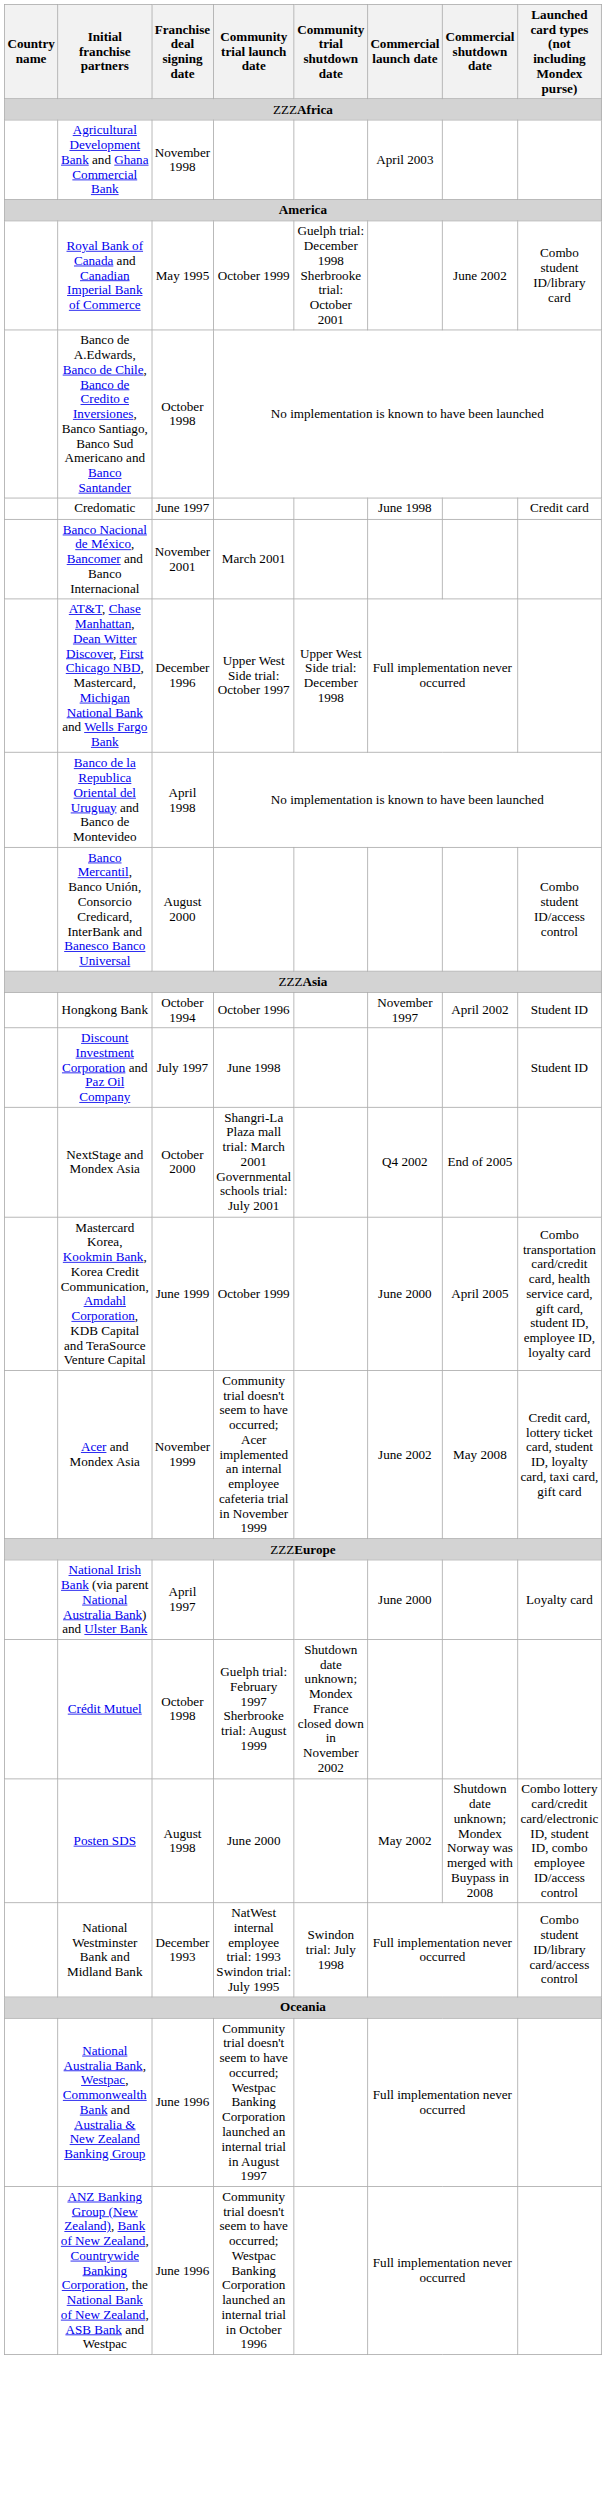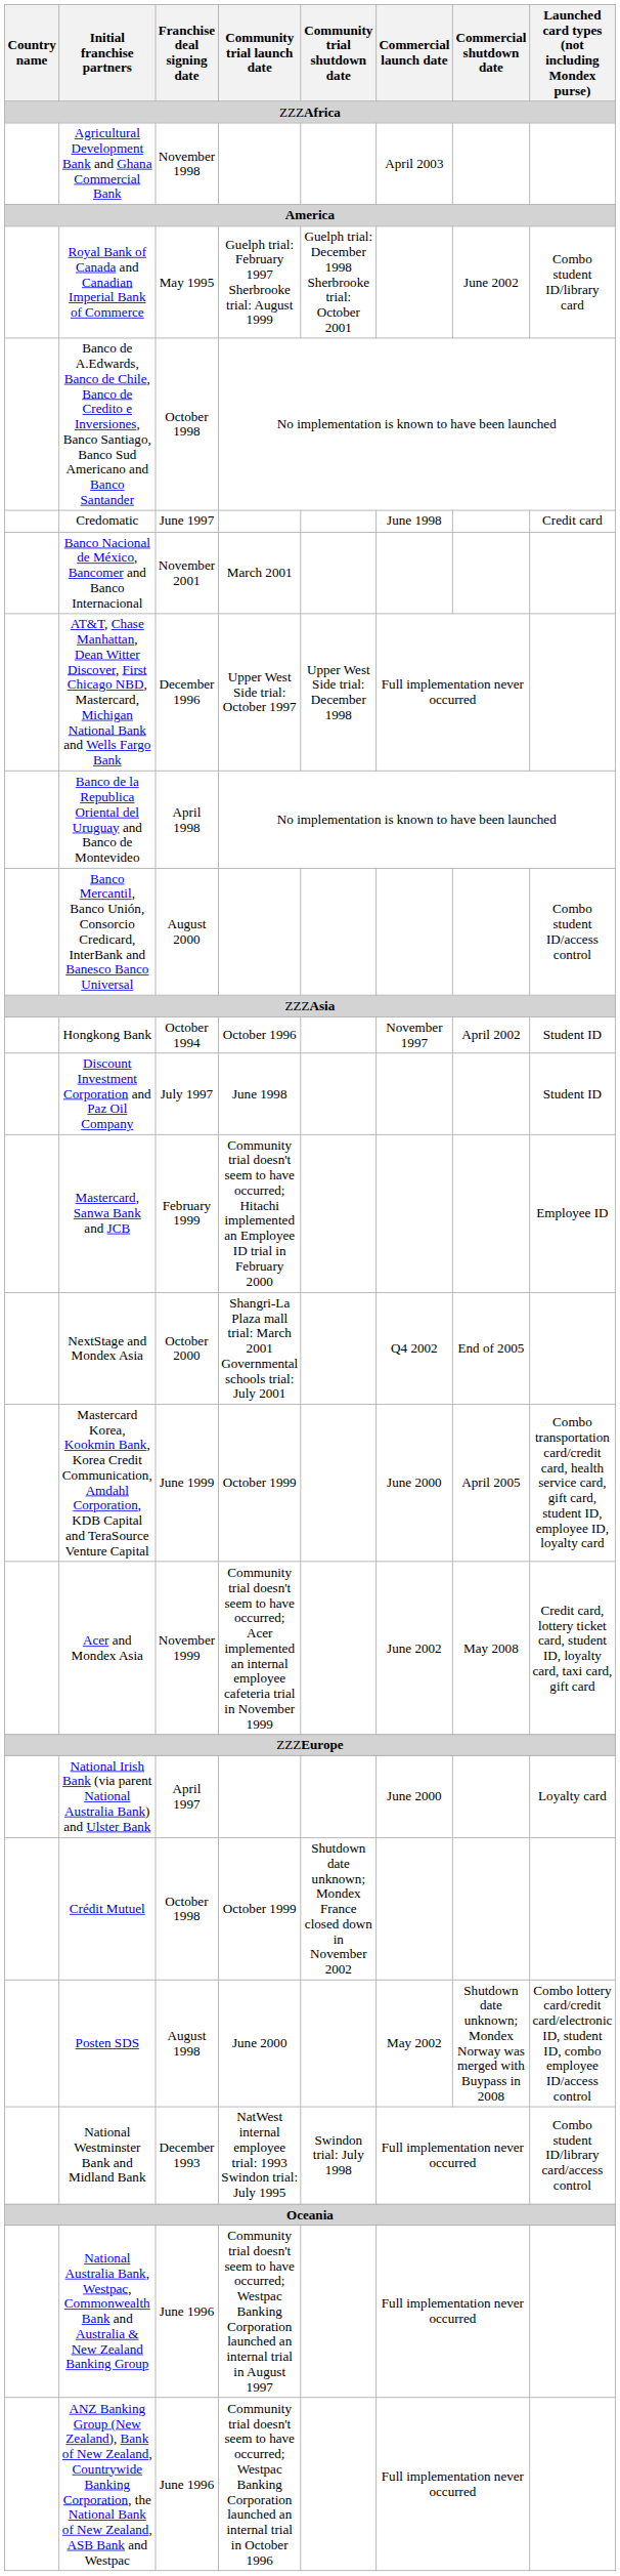 <table class="wikitable mw-collapsible" style="background:white; text-align:center;">
 <tr>
 <th width="325pt">Country name</th>
 <th>Initial franchise partners</th>
 <th>Franchise deal signing date</th>
 <th width="130pt">Community trial launch date</th>
 <th width="130pt">Community trial shutdown date</th>
 <th>Commercial launch date</th>
 <th>Commercial shutdown date</th>
 <th width="130pt">Launched card types (not including Mondex purse)</th>
 </tr>
 <tr style="background:Lightgrey;">
 <td colspan="8"><span>ZZZ</span><strong>Africa</strong></td>
 </tr>
 <tr>
 <td></td>
 <td><a href='#'>Agricultural Development Bank</a> and <a href='#'>Ghana Commercial Bank</a></td>
 <td>November 1998</td>
 <td></td>
 <td></td>
 <td>April 2003</td>
 <td></td>
 <td></td>
 </tr>
 <tr style="background:Lightgrey;">
 <td colspan="8"><strong>America</strong></td>
 </tr>
 <tr>
 <td></td>
 <td><a href='#'>Royal Bank of Canada</a> and <a href='#'>Canadian Imperial Bank of Commerce</a></td>
 <td>May 1995</td>
-<td>October 1999</td>
+<td>Guelph trial: February 1997<br>Sherbrooke trial: August 1999</td>
 <td>Guelph trial: December 1998<br>Sherbrooke trial: October 2001</td>
 <td></td>
 <td>June 2002</td>
 <td>Combo student ID/library card</td>
 </tr>
 <tr>
 <td></td>
 <td>Banco de A.Edwards, <a href='#'>Banco de Chile</a>, <a href='#'>Banco de Credito e Inversiones</a>, Banco Santiago, Banco Sud Americano and <a href='#'>Banco Santander</a></td>
 <td>October 1998</td>
 <td colspan="5">No implementation is known to have been launched</td>
 </tr>
 <tr>
 <td></td>
 <td>Credomatic</td>
 <td>June 1997</td>
 <td></td>
 <td></td>
 <td>June 1998</td>
 <td></td>
 <td>Credit card</td>
 </tr>
 <tr>
 <td></td>
 <td><a href='#'>Banco Nacional de México</a>, <a href='#'>Bancomer</a> and Banco Internacional</td>
 <td>November 2001</td>
 <td>March 2001</td>
 <td></td>
 <td></td>
 <td></td>
 <td></td>
 </tr>
 <tr>
 <td></td>
 <td><a href='#'>AT&T</a>, <a href='#'>Chase Manhattan</a>, <a href='#'>Dean Witter Discover</a>, <a href='#'>First Chicago NBD</a>, Mastercard, <a href='#'>Michigan National Bank</a> and <a href='#'>Wells Fargo Bank</a></td>
 <td>December 1996</td>
 <td>Upper West Side trial:<br>October 1997</td>
 <td>Upper West Side trial:<br>December 1998</td>
 <td colspan="2">Full implementation never occurred</td>
 <td></td>
 </tr>
 <tr>
 <td></td>
 <td><a href='#'>Banco de la Republica Oriental del Uruguay</a> and Banco de Montevideo</td>
 <td>April 1998</td>
 <td colspan="5">No implementation is known to have been launched</td>
 </tr>
 <tr>
 <td></td>
 <td><a href='#'>Banco Mercantil</a>, Banco Unión, Consorcio Credicard, InterBank and <a href='#'>Banesco Banco Universal</a></td>
 <td>August 2000</td>
 <td></td>
 <td></td>
 <td></td>
 <td></td>
 <td>Combo student ID/access control</td>
 </tr>
 <tr style="background:Lightgrey;">
 <td colspan="8"><span>ZZZ</span><strong>Asia</strong></td>
 </tr>
 <tr>
 <td></td>
 <td>Hongkong Bank</td>
 <td>October 1994</td>
 <td>October 1996</td>
 <td></td>
 <td>November 1997</td>
 <td>April 2002</td>
 <td>Student ID</td>
 </tr>
 <tr>
 <td></td>
 <td><a href='#'>Discount Investment Corporation</a> and <a href='#'>Paz Oil Company</a></td>
 <td>July 1997</td>
 <td>June 1998</td>
 <td></td>
 <td></td>
 <td></td>
 <td>Student ID</td>
 </tr>
 <tr>
 <td></td>
+<td><a href='#'>Mastercard</a>, <a href='#'>Sanwa Bank</a> and <a href='#'>JCB</a></td>
+<td>February 1999</td>
+<td>Community trial doesn't seem to have occurred; Hitachi implemented an Employee ID trial in February 2000</td>
+<td></td>
+<td></td>
+<td></td>
+<td>Employee ID</td>
+</tr>
+<tr>
+<td></td>
 <td>NextStage and Mondex Asia</td>
 <td>October 2000</td>
 <td>Shangri-La Plaza mall trial: March 2001<br>Governmental schools trial: July 2001</td>
 <td></td>
 <td>Q4 2002</td>
 <td>End of 2005</td>
 <td></td>
 </tr>
 <tr>
 <td></td>
 <td>Mastercard Korea, <a href='#'>Kookmin Bank</a>, Korea Credit Communication, <a href='#'>Amdahl Corporation</a>, KDB Capital and TeraSource Venture Capital</td>
 <td>June 1999</td>
 <td>October 1999</td>
 <td></td>
 <td>June 2000</td>
 <td>April 2005</td>
 <td>Combo transportation card/credit card, health service card, gift card, student ID, employee ID, loyalty card</td>
 </tr>
 <tr>
 <td></td>
 <td><a href='#'>Acer</a> and Mondex Asia</td>
 <td>November 1999</td>
 <td>Community trial doesn't seem to have occurred; Acer implemented an internal employee cafeteria trial in November 1999</td>
 <td></td>
 <td>June 2002</td>
 <td>May 2008</td>
 <td>Credit card, lottery ticket card, student ID, loyalty card, taxi card, gift card</td>
 </tr>
 <tr style="background:Lightgrey;">
 <td colspan="8"><span>ZZZ</span><strong>Europe</strong></td>
 </tr>
 <tr>
 <td></td>
 <td><a href='#'>National Irish Bank</a> (via parent <a href='#'>National Australia Bank</a>) and <a href='#'>Ulster Bank</a></td>
 <td>April 1997</td>
 <td></td>
 <td></td>
 <td>June 2000</td>
 <td></td>
 <td>Loyalty card</td>
 </tr>
 <tr>
 <td></td>
 <td><a href='#'>Crédit Mutuel</a></td>
 <td>October 1998</td>
-<td>Guelph trial: February 1997<br>Sherbrooke trial: August 1999</td>
+<td>October 1999</td>
 <td>Shutdown date unknown; Mondex France closed down in November 2002</td>
 <td></td>
 <td></td>
 <td></td>
 </tr>
 <tr>
 <td></td>
 <td><a href='#'>Posten SDS</a></td>
 <td>August 1998</td>
 <td>June 2000</td>
 <td></td>
 <td>May 2002</td>
 <td>Shutdown date unknown; Mondex Norway was merged with Buypass in 2008</td>
 <td>Combo lottery card/credit card/electronic ID, student ID, combo employee ID/access control</td>
 </tr>
 <tr>
 <td></td>
 <td>National Westminster Bank and Midland Bank</td>
 <td>December 1993</td>
 <td>NatWest internal employee trial: 1993<br>Swindon trial: July 1995</td>
 <td>Swindon trial: July 1998</td>
 <td colspan="2">Full implementation never occurred</td>
 <td>Combo student ID/library card/access control</td>
 </tr>
 <tr style="background:Lightgrey;">
 <td colspan="8"><strong>Oceania</strong></td>
 </tr>
 <tr>
 <td></td>
 <td><a href='#'>National Australia Bank</a>, <a href='#'>Westpac</a>, <a href='#'>Commonwealth Bank</a> and <a href='#'>Australia & New Zealand Banking Group</a></td>
 <td>June 1996</td>
 <td>Community trial doesn't seem to have occurred; Westpac Banking Corporation launched an internal trial in August 1997</td>
 <td></td>
 <td colspan="2">Full implementation never occurred</td>
 <td></td>
 </tr>
 <tr>
 <td></td>
 <td><a href='#'>ANZ Banking Group (New Zealand)</a>, <a href='#'>Bank of New Zealand</a>, <a href='#'>Countrywide Banking Corporation</a>, the <a href='#'>National Bank of New Zealand</a>, <a href='#'>ASB Bank</a> and Westpac</td>
 <td>June 1996</td>
 <td>Community trial doesn't seem to have occurred; Westpac Banking Corporation launched an internal trial in October 1996</td>
 <td></td>
 <td colspan="2">Full implementation never occurred</td>
 <td></td>
 </tr>
 </table>
